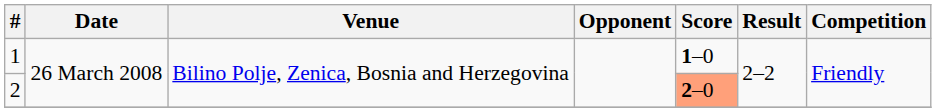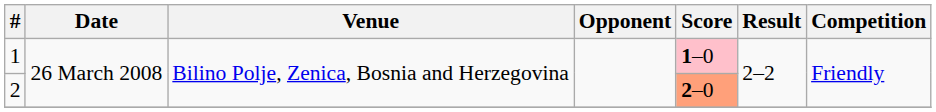 <table class="wikitable collapsible">
 <tr>
 <th>#</th>
 <th>Date</th>
 <th>Venue</th>
 <th>Opponent</th>
 <th>Score</th>
 <th>Result</th>
 <th>Competition</th>
 </tr>
 <tr>
 <td>1</td>
 <td rowspan="2">26 March 2008</td>
 <td rowspan="2"><a href='#'>Bilino Polje</a>, <a href='#'>Zenica</a>, Bosnia and Herzegovina</td>
 <td rowspan="2"></td>
-<td><strong>1</strong>–0</td>
+<td style="background: pink;"><strong>1</strong>–0</td>
 <td rowspan="2">2–2</td>
 <td rowspan="2"><a href='#'>Friendly</a></td>
 </tr>
 <tr>
 <td>2</td>
 <td style="background: lightsalmon;"><strong>2</strong>–0</td>
 </tr>
 <tr>
 </tr>
 </table>
